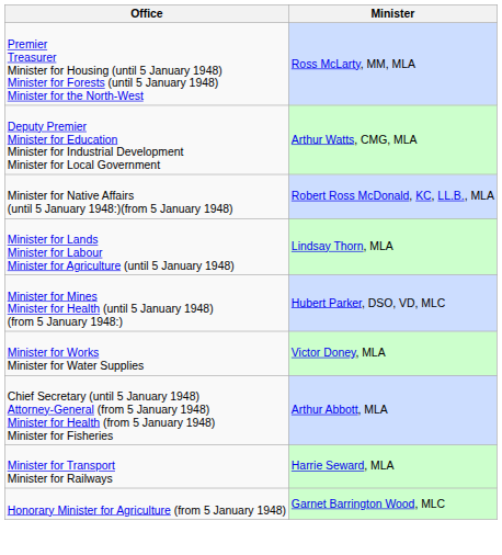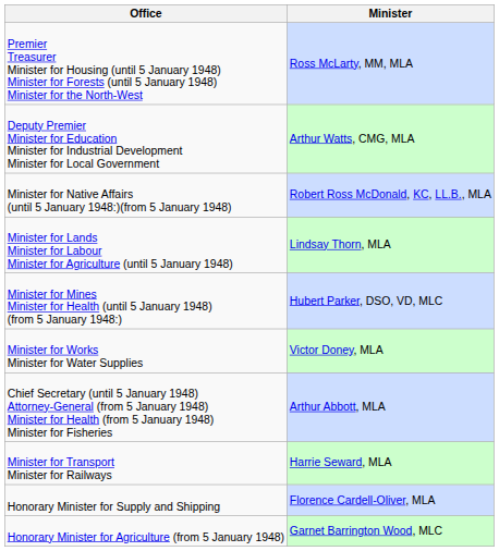 <table class="wikitable">
 <tr>
 <th>Office</th>
 <th>Minister</th>
 </tr>
 <tr>
 <td><br><a href='#'>Premier</a><br> <a href='#'>Treasurer</a><br> Minister for Housing (until 5 January 1948)<br> <a href='#'>Minister for Forests</a> (until 5 January 1948)<br> <a href='#'>Minister for the North-West</a><br></td>
 <td style="background:#CCDDFF"><a href='#'>Ross McLarty</a>, MM, MLA</td>
 </tr>
 <tr>
 <td><br><a href='#'>Deputy Premier</a><br> <a href='#'>Minister for Education</a><br> Minister for Industrial Development<br> Minister for Local Government<br></td>
 <td style="background:#CCFFCC"><a href='#'>Arthur Watts</a>, CMG, MLA</td>
 </tr>
 <tr>
 <td><br>Minister for Native Affairs<br>(until 5 January 1948:)(from 5 January 1948)</td>
 <td style="background:#CCDDFF"><a href='#'>Robert Ross McDonald</a>, <a href='#'>KC</a>, <a href='#'>LL.B.</a>, MLA</td>
 </tr>
 <tr>
 <td><br><a href='#'>Minister for Lands</a><br> <a href='#'>Minister for Labour</a><br> <a href='#'>Minister for Agriculture</a> (until 5 January 1948)<br></td>
 <td style="background:#CCFFCC"><a href='#'>Lindsay Thorn</a>, MLA</td>
 </tr>
 <tr>
 <td><br><a href='#'>Minister for Mines</a><br> <a href='#'>Minister for Health</a> (until 5 January 1948)<br>(from 5 January 1948:)</td>
 <td style="background:#CCDDFF"><a href='#'>Hubert Parker</a>, DSO, VD, MLC</td>
 </tr>
 <tr>
 <td><br><a href='#'>Minister for Works</a><br> Minister for Water Supplies<br></td>
 <td style="background:#CCFFCC"><a href='#'>Victor Doney</a>, MLA</td>
 </tr>
 <tr>
 <td><br>Chief Secretary (until 5 January 1948)<br> <a href='#'>Attorney-General</a> (from 5 January 1948)<br> <a href='#'>Minister for Health</a> (from 5 January 1948)<br> Minister for Fisheries<br></td>
 <td style="background:#CCDDFF"><a href='#'>Arthur Abbott</a>, MLA</td>
 </tr>
 <tr>
 <td><br><a href='#'>Minister for Transport</a><br> Minister for Railways<br></td>
 <td style="background:#CCFFCC"><a href='#'>Harrie Seward</a>, MLA</td>
 </tr>
 <tr>
+<td><br>Honorary Minister for Supply and Shipping</td>
+<td style="background:#CCDDFF"><a href='#'>Florence Cardell-Oliver</a>, MLA</td>
+</tr>
+<tr>
 <td><br><a href='#'>Honorary Minister for Agriculture</a> (from 5 January 1948)<br></td>
 <td style="background:#CCFFCC"><a href='#'>Garnet Barrington Wood</a>, MLC</td>
 </tr>
 </table>
